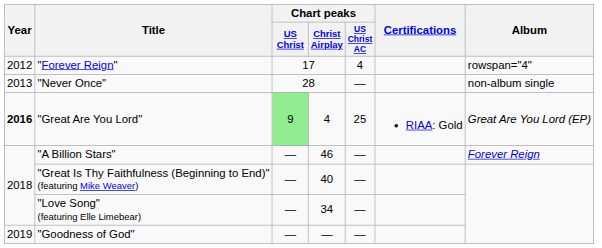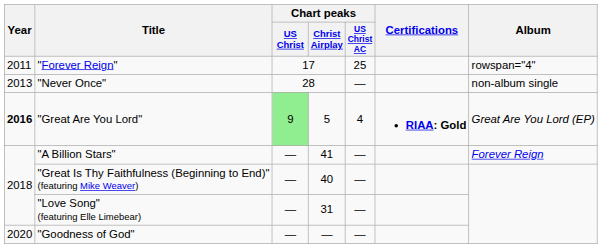 <table class="wikitable">
 <tr>
 <th rowspan="2">Year</th>
 <th rowspan="2">Title</th>
 <th colspan="3">Chart peaks</th>
 <th rowspan="2"><a href='#'>Certifications</a></th>
 <th rowspan="2">Album</th>
 </tr>
 <tr style="font-size:smaller;">
 <th width="45"><a href='#'>US<br>Christ</a><br></th>
 <th width="45"><a href='#'>Christ<br>Airplay</a><br></th>
 <th scope="col" style="width:3em;font-size:90%;"><a href='#'>US<br>Christ AC</a><br></th>
 </tr>
 <tr>
-<td>2012</td>
+<td>2011</td>
 <td>"<a href='#'>Forever Reign</a>"</td>
 <td colspan="2" style="text-align:center;">17</td>
-<td style="text-align:center;">4</td>
+<td style="text-align:center;">25</td>
 <td></td>
 <td>rowspan="4" </td>
 </tr>
 <tr>
 <td>2013</td>
 <td>"Never Once"</td>
 <td colspan="2" style="text-align:center;">28</td>
 <td style="text-align:center;">—</td>
 <td></td>
 <td>non-album single</td>
 </tr>
 <tr>
 <td><strong>2016</strong></td>
 <td>"Great Are You Lord"</td>
 <td style="background: lightgreen; text-align:center;">9</td>
+<td style="text-align:center;">5</td>
 <td style="text-align:center;">4</td>
-<td style="text-align:center;">25</td>
-<td><br><ul><li><a href='#'>RIAA</a>: Gold</li></ul></td>
+<td><strong><br><ul><li><a href='#'>RIAA</a>: Gold</li></ul></strong></td>
 <td><em>Great Are You Lord (EP)</em></td>
 </tr>
 <tr>
 <td rowspan="3">2018</td>
 <td>"A Billion Stars"</td>
 <td style="text-align:center;">—</td>
-<td style="text-align:center;">46</td>
+<td style="text-align:center;">41</td>
 <td style="text-align:center;">—</td>
 <td></td>
 <td><em><a href='#'>Forever Reign</a></em></td>
 </tr>
 <tr>
 <td>"Great Is Thy Faithfulness (Beginning to End)"<br><small>(featuring <a href='#'>Mike Weaver</a>)</small></td>
 <td style="text-align:center;">—</td>
 <td style="text-align:center;">40</td>
 <td style="text-align:center;">—</td>
 <td></td>
 </tr>
 <tr>
 <td>"Love Song"<br><small>(featuring Elle Limebear)</small></td>
 <td style="text-align:center;">—</td>
-<td style="text-align:center;">34</td>
+<td style="text-align:center;">31</td>
 <td style="text-align:center;">—</td>
 <td></td>
 </tr>
 <tr>
-<td>2019</td>
+<td>2020</td>
 <td>"Goodness of God"<br></td>
 <td style="text-align:center;">—</td>
 <td style="text-align:center;">—</td>
 <td style="text-align:center;">—</td>
 <td></td>
 </tr>
 </table>
